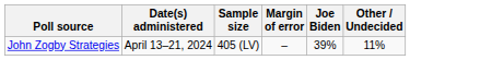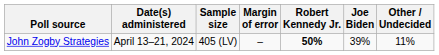 <table class="wikitable sortable mw-datatable" style="font-size:90%;text-align:center;line-height:17px">
 <tr valign=bottom>
 <th>Poll source</th>
 <th>Date(s)<br>administered</th>
 <th>Sample<br>size</th>
 <th>Margin<br>of error</th>
+<th class="unsortable">Robert<br>Kennedy Jr.<br></th>
 <th class="unsortable">Joe<br>Biden<br></th>
 <th class="unsortable">Other /<br>Undecided</th>
 </tr>
 <tr>
 <td style="text-align:left;"><a href='#'>John Zogby Strategies</a></td>
 <td data-sort-value="2024-05-01">April 13–21, 2024</td>
 <td>405 (LV)</td>
 <td>–</td>
+<td style="background-color:"><strong>50%</strong></td>
 <td>39%</td>
 <td>11%</td>
 </tr>
 </table>
